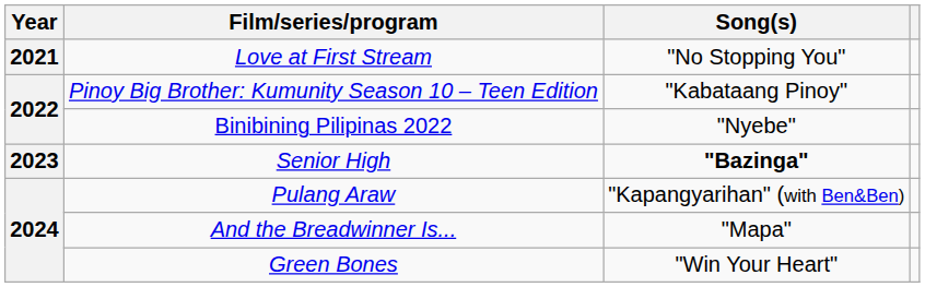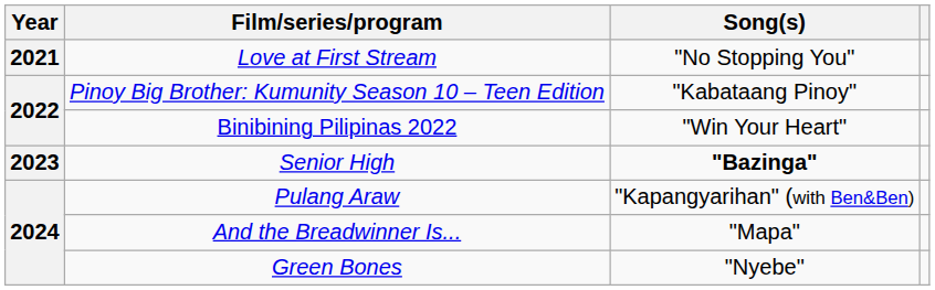 <table class="wikitable plainrowheaders" style="text-align:center;">
 <tr>
 <th scope="col">Year</th>
 <th scope="col">Film/series/program</th>
 <th scope="col">Song(s)</th>
 <th scope="col"></th>
 </tr>
 <tr>
 <th scope=row>2021</th>
 <td><em><a href='#'>Love at First Stream</a></em></td>
 <td>"No Stopping You" </td>
 <td></td>
 </tr>
 <tr>
 <th scope=row rowspan="2">2022</th>
 <td><em><a href='#'>Pinoy Big Brother: Kumunity Season 10 – Teen Edition</a></em></td>
 <td>"Kabataang Pinoy" </td>
 <td></td>
 </tr>
 <tr>
 <td><a href='#'>Binibining Pilipinas 2022</a></td>
-<td>"Nyebe"</td>
+<td>"Win Your Heart"</td>
 <td></td>
 </tr>
 <tr>
 <th scope=row>2023</th>
 <td><em><a href='#'>Senior High</a></em></td>
 <td><strong>"Bazinga"</strong></td>
 <td></td>
 </tr>
 <tr>
 <th rowspan="3" scope="row">2024</th>
 <td><em><a href='#'>Pulang Araw</a></em></td>
 <td>"Kapangyarihan" (<small>with <a href='#'>Ben&Ben</a>)</small></td>
 <td></td>
 </tr>
 <tr>
 <td><em><a href='#'>And the Breadwinner Is...</a></em></td>
 <td>"Mapa"</td>
 <td></td>
 </tr>
 <tr>
 <td><em><a href='#'>Green Bones</a></em></td>
-<td>"Win Your Heart"</td>
+<td>"Nyebe"</td>
 <td></td>
 </tr>
 </table>
